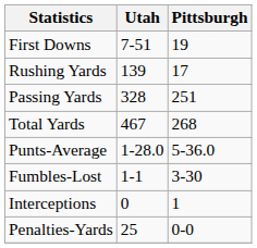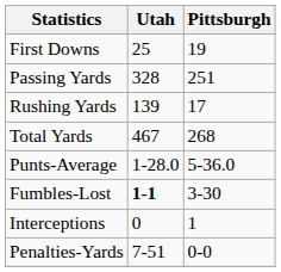 <table class="wikitable">
 <tr>
 <th>Statistics</th>
 <th>Utah</th>
 <th>Pittsburgh</th>
 </tr>
 <tr>
 <td>First Downs</td>
-<td>7-51</td>
+<td>25</td>
 <td>19</td>
+</tr>
+<tr>
+<td>Passing Yards</td>
+<td>328</td>
+<td>251</td>
 </tr>
 <tr>
 <td>Rushing Yards</td>
 <td>139</td>
 <td>17</td>
-</tr>
-<tr>
-<td>Passing Yards</td>
-<td>328</td>
-<td>251</td>
 </tr>
 <tr>
 <td>Total Yards</td>
 <td>467</td>
 <td>268</td>
 </tr>
 <tr>
 <td>Punts-Average</td>
 <td>1-28.0</td>
 <td>5-36.0</td>
 </tr>
 <tr>
 <td>Fumbles-Lost</td>
-<td>1-1</td>
+<td><strong>1-1</strong></td>
 <td>3-30</td>
 </tr>
 <tr>
 <td>Interceptions</td>
 <td>0</td>
 <td>1</td>
 </tr>
 <tr>
 <td>Penalties-Yards</td>
-<td>25</td>
+<td>7-51</td>
 <td>0-0</td>
 </tr>
 <tr>
 </tr>
 </table>
